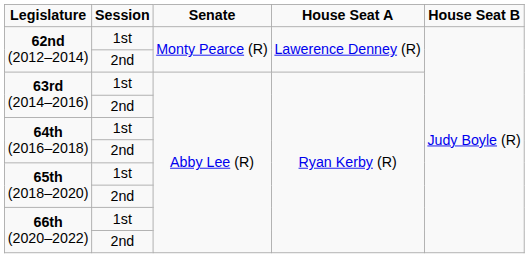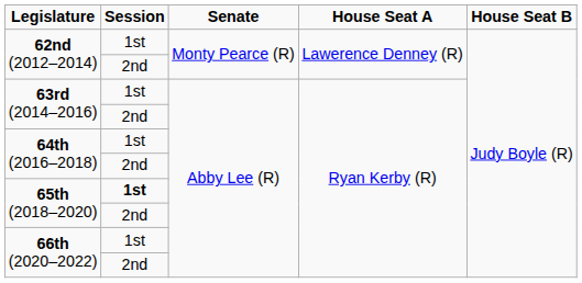 <table class=wikitable style="text-align:center">
 <tr>
 <td><strong>Legislature</strong></td>
 <td><strong>Session</strong></td>
 <td><strong>Senate</strong></td>
 <td><strong>House Seat A</strong></td>
 <td><strong>House Seat B</strong></td>
 </tr>
 <tr>
 <td rowspan="2" colspan="1" style="text-align: center;"><strong>62nd</strong> <br> (2012–2014)</td>
 <td>1st</td>
 <td rowspan="2" colspan="1" style="text-align: center;" ><a href='#'>Monty Pearce</a> (R)</td>
 <td rowspan="2" colspan="1" style="text-align: center;" ><a href='#'>Lawerence Denney</a> (R)</td>
 <td rowspan="10" colspan="1" style="text-align: center;" ><a href='#'>Judy Boyle</a> (R)</td>
 </tr>
 <tr>
 <td>2nd</td>
 </tr>
 <tr>
 <td rowspan="2" colspan="1" style="text-align: center;"><strong>63rd</strong> <br> (2014–2016)</td>
 <td>1st</td>
 <td rowspan="8" colspan="1" style="text-align: center;" ><a href='#'>Abby Lee</a> (R)</td>
 <td rowspan="8" colspan="1" style="text-align: center;" ><a href='#'>Ryan Kerby</a> (R)</td>
 </tr>
 <tr>
 <td>2nd</td>
 </tr>
 <tr>
 <td rowspan="2" colspan="1" style="text-align: center;"><strong>64th</strong> <br> (2016–2018)</td>
 <td>1st</td>
 </tr>
 <tr>
 <td>2nd</td>
 </tr>
 <tr>
 <td rowspan="2" colspan="1" style="text-align: center;"><strong>65th</strong> <br> (2018–2020)</td>
-<td>1st</td>
+<td><strong>1st</strong></td>
 </tr>
 <tr>
 <td>2nd</td>
 </tr>
 <tr>
 <td rowspan="2" colspan="1" style="text-align: center;"><strong>66th</strong> <br> (2020–2022)</td>
 <td>1st</td>
 </tr>
 <tr>
 <td>2nd</td>
 </tr>
 </table>
